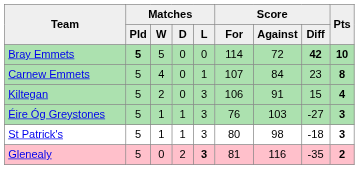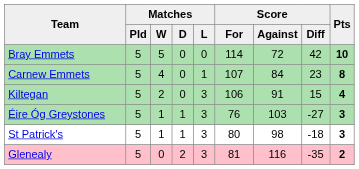 <table style=border-collapse:collapse border=1 cellspacing=0 cellpadding=5>
 <tr align=center bgcolor=#efefef>
 <th rowspan=2 width=165>Team</th>
 <th colspan=4>Matches</th>
 <th colspan=3>Score</th>
 <th rowspan=2width=20>Pts</th>
 </tr>
 <tr align=center bgcolor=#efefef>
 <th width=20>Pld</th>
 <th width=20>W</th>
 <th width=20>D</th>
 <th width=20>L</th>
 <th width=45>For</th>
 <th width=45>Against</th>
 <th width=30>Diff</th>
 </tr>
 <tr align=center style="background:#ACE1AF;">
 <td style="text-align:left;"><a href='#'>Bray Emmets</a></td>
-<td><strong>5</strong></td>
+<td>5</td>
 <td>5</td>
 <td>0</td>
 <td>0</td>
 <td>114</td>
 <td>72</td>
-<td><strong>42</strong></td>
+<td>42</td>
 <td><strong>10</strong></td>
 </tr>
 <tr align=center style="background:#ACE1AF;">
 <td style="text-align:left;"><a href='#'>Carnew Emmets</a></td>
 <td>5</td>
 <td>4</td>
 <td>0</td>
 <td>1</td>
 <td>107</td>
 <td>84</td>
 <td>23</td>
 <td><strong>8</strong></td>
 </tr>
 <tr align=center style="background:#ACE1AF;">
 <td style="text-align:left;"><a href='#'>Kiltegan</a></td>
 <td>5</td>
 <td>2</td>
 <td>0</td>
 <td>3</td>
 <td>106</td>
 <td>91</td>
 <td>15</td>
 <td><strong>4</strong></td>
 </tr>
 <tr align=center style="background:#ACE1AF;">
 <td style="text-align:left;"><a href='#'>Éire Óg Greystones</a></td>
 <td>5</td>
 <td>1</td>
 <td>1</td>
 <td>3</td>
 <td>76</td>
 <td>103</td>
 <td>-27</td>
 <td><strong>3</strong></td>
 </tr>
 <tr align=center>
 <td style="text-align:left;"><a href='#'>St Patrick's</a></td>
 <td>5</td>
 <td>1</td>
 <td>1</td>
 <td>3</td>
 <td>80</td>
 <td>98</td>
 <td>-18</td>
 <td><strong>3</strong></td>
 </tr>
 <tr align=center style="background:#FFC0CB;">
 <td style="text-align:left;"><a href='#'>Glenealy</a></td>
 <td>5</td>
 <td>0</td>
 <td>2</td>
-<td><strong>3</strong></td>
+<td>3</td>
 <td>81</td>
 <td>116</td>
 <td>-35</td>
 <td><strong>2</strong></td>
 </tr>
 </table>
